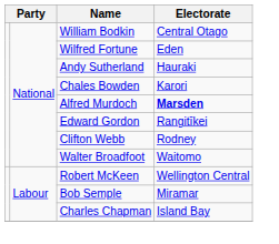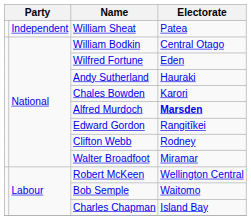 <table class="wikitable">
 <tr>
 <th colspan=2>Party</th>
 <th>Name</th>
 <th>Electorate</th>
+</tr>
+<tr>
+<td style="background-color: "></td>
+<td><a href='#'>Independent</a></td>
+<td><a href='#'>William Sheat</a></td>
+<td><a href='#'>Patea</a></td>
 </tr>
 <tr>
 <td rowspan=8 style="background-color: "></td>
 <td rowspan=8><a href='#'>National</a></td>
 <td><a href='#'>William Bodkin</a></td>
 <td><a href='#'>Central Otago</a></td>
 </tr>
 <tr>
 <td><a href='#'>Wilfred Fortune</a></td>
 <td><a href='#'>Eden</a></td>
 </tr>
 <tr>
 <td><a href='#'>Andy Sutherland</a></td>
 <td><a href='#'>Hauraki</a></td>
 </tr>
 <tr>
 <td><a href='#'>Chales Bowden</a></td>
 <td><a href='#'>Karori</a></td>
 </tr>
 <tr>
 <td><a href='#'>Alfred Murdoch</a></td>
 <td><strong><a href='#'>Marsden</a></strong></td>
 </tr>
 <tr>
 <td><a href='#'>Edward Gordon</a></td>
 <td><a href='#'>Rangitīkei</a></td>
 </tr>
 <tr>
 <td><a href='#'>Clifton Webb</a></td>
 <td><a href='#'>Rodney</a></td>
 </tr>
 <tr>
 <td><a href='#'>Walter Broadfoot</a></td>
-<td><a href='#'>Waitomo</a></td>
+<td><a href='#'>Miramar</a></td>
 </tr>
 <tr>
 <td rowspan=3 style="background-color: "></td>
 <td rowspan=3><a href='#'>Labour</a></td>
 <td><a href='#'>Robert McKeen</a></td>
 <td><a href='#'>Wellington Central</a></td>
 </tr>
 <tr>
 <td><a href='#'>Bob Semple</a></td>
-<td><a href='#'>Miramar</a></td>
+<td><a href='#'>Waitomo</a></td>
 </tr>
 <tr>
 <td><a href='#'>Charles Chapman</a></td>
 <td><a href='#'>Island Bay</a></td>
 </tr>
 <tr>
 </tr>
 </table>
